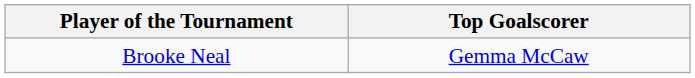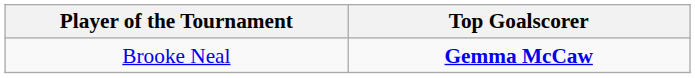 <table class=wikitable style="margin:auto; text-align:center">
 <tr>
 <th style="width: 250px;">Player of the Tournament</th>
 <th style="width: 250px;">Top Goalscorer</th>
 </tr>
 <tr>
 <td> <a href='#'>Brooke Neal</a></td>
-<td> <a href='#'>Gemma McCaw</a></td>
+<td><strong> <a href='#'>Gemma McCaw</a></strong></td>
 </tr>
 </table>
